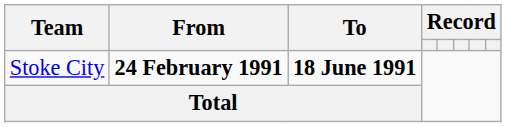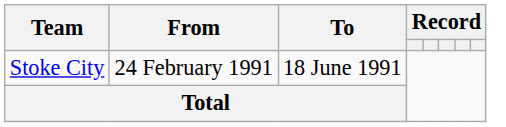 <table class="wikitable" style="text-align:center">
 <tr>
 <th rowspan="2">Team</th>
 <th rowspan="2">From</th>
 <th rowspan="2">To</th>
 <th colspan="5">Record</th>
 </tr>
 <tr>
 <th></th>
 <th></th>
 <th></th>
 <th></th>
 <th></th>
 </tr>
 <tr>
 <td align=left><a href='#'>Stoke City</a></td>
-<td align=left><strong>24 February 1991</strong></td>
-<td align=left><strong>18 June 1991<br></strong></td>
+<td align=left>24 February 1991</td>
+<td align=left>18 June 1991<br></td>
 </tr>
 <tr>
 <th colspan="3">Total<br></th>
 </tr>
 </table>
